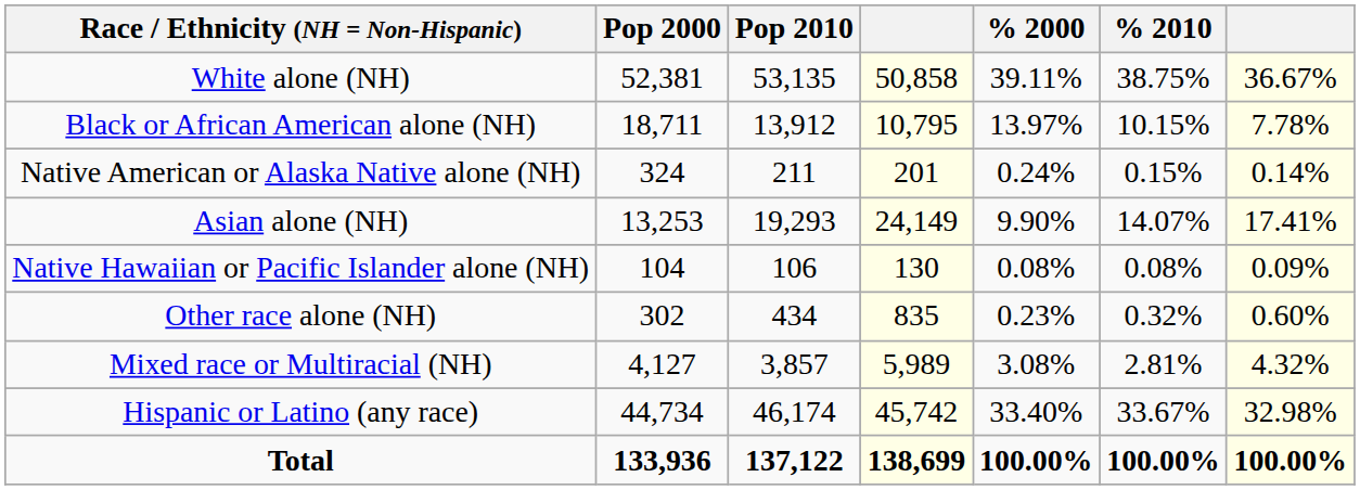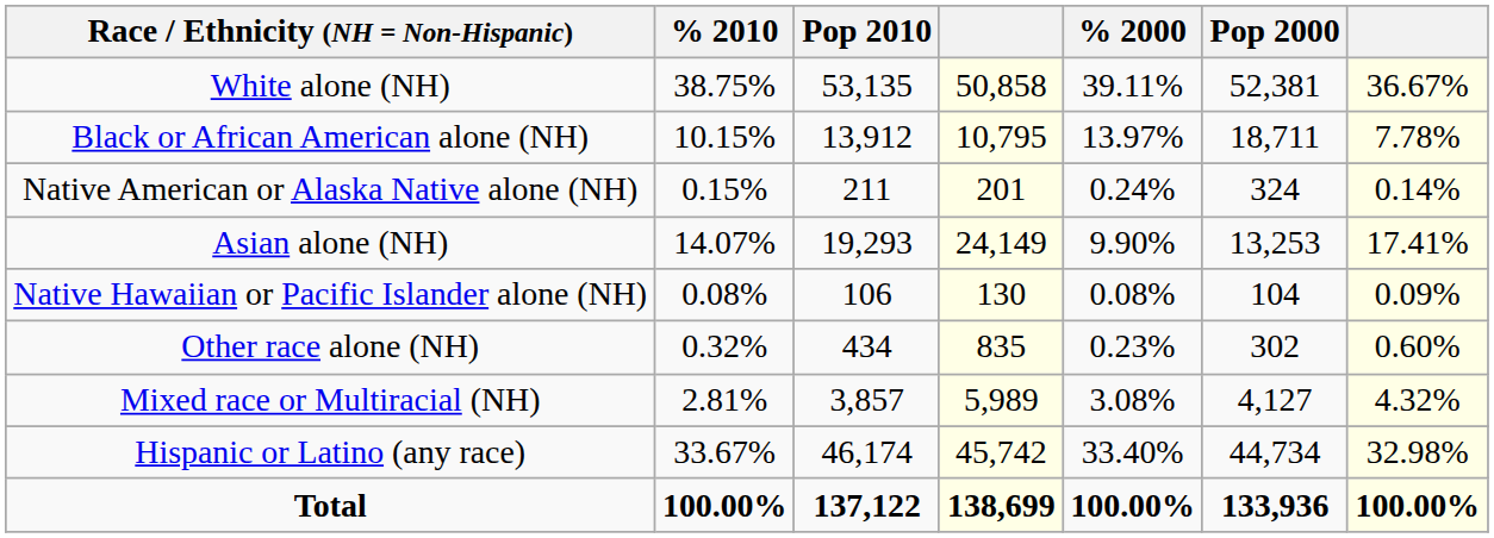 <table class="wikitable" style="text-align:center;">
 <tr>
 <th>Race / Ethnicity <small>(<em>NH = Non-Hispanic</em>)</small></th>
-<th>Pop 2000</th>
+<th>% 2010</th>
 <th>Pop 2010</th>
 <th></th>
 <th>% 2000</th>
-<th>% 2010</th>
+<th>Pop 2000</th>
 <th></th>
 </tr>
 <tr>
 <td><a href='#'>White</a> alone (NH)</td>
-<td>52,381</td>
+<td>38.75%</td>
 <td>53,135</td>
 <td style='background: #ffffe6;'>50,858</td>
 <td>39.11%</td>
-<td>38.75%</td>
+<td>52,381</td>
 <td style='background: #ffffe6;'>36.67%</td>
 </tr>
 <tr>
 <td><a href='#'>Black or African American</a> alone (NH)</td>
-<td>18,711</td>
+<td>10.15%</td>
 <td>13,912</td>
 <td style='background: #ffffe6;'>10,795</td>
 <td>13.97%</td>
-<td>10.15%</td>
+<td>18,711</td>
 <td style='background: #ffffe6;'>7.78%</td>
 </tr>
 <tr>
 <td>Native American or <a href='#'>Alaska Native</a> alone (NH)</td>
-<td>324</td>
+<td>0.15%</td>
 <td>211</td>
 <td style='background: #ffffe6;'>201</td>
 <td>0.24%</td>
-<td>0.15%</td>
+<td>324</td>
 <td style='background: #ffffe6;'>0.14%</td>
 </tr>
 <tr>
 <td><a href='#'>Asian</a> alone (NH)</td>
-<td>13,253</td>
+<td>14.07%</td>
 <td>19,293</td>
 <td style='background: #ffffe6;'>24,149</td>
 <td>9.90%</td>
-<td>14.07%</td>
+<td>13,253</td>
 <td style='background: #ffffe6;'>17.41%</td>
 </tr>
 <tr>
 <td><a href='#'>Native Hawaiian</a> or <a href='#'>Pacific Islander</a> alone (NH)</td>
-<td>104</td>
+<td>0.08%</td>
 <td>106</td>
 <td style='background: #ffffe6;'>130</td>
 <td>0.08%</td>
-<td>0.08%</td>
+<td>104</td>
 <td style='background: #ffffe6;'>0.09%</td>
 </tr>
 <tr>
 <td><a href='#'>Other race</a> alone (NH)</td>
-<td>302</td>
+<td>0.32%</td>
 <td>434</td>
 <td style='background: #ffffe6;'>835</td>
 <td>0.23%</td>
-<td>0.32%</td>
+<td>302</td>
 <td style='background: #ffffe6;'>0.60%</td>
 </tr>
 <tr>
 <td><a href='#'>Mixed race or Multiracial</a> (NH)</td>
-<td>4,127</td>
+<td>2.81%</td>
 <td>3,857</td>
 <td style='background: #ffffe6;'>5,989</td>
 <td>3.08%</td>
-<td>2.81%</td>
+<td>4,127</td>
 <td style='background: #ffffe6;'>4.32%</td>
 </tr>
 <tr>
 <td><a href='#'>Hispanic or Latino</a> (any race)</td>
-<td>44,734</td>
+<td>33.67%</td>
 <td>46,174</td>
 <td style='background: #ffffe6;'>45,742</td>
 <td>33.40%</td>
-<td>33.67%</td>
+<td>44,734</td>
 <td style='background: #ffffe6;'>32.98%</td>
 </tr>
 <tr>
 <td><strong>Total</strong></td>
-<td><strong>133,936</strong></td>
+<td><strong>100.00%</strong></td>
 <td><strong>137,122</strong></td>
 <td style='background: #ffffe6;'><strong>138,699</strong></td>
 <td><strong>100.00%</strong></td>
-<td><strong>100.00%</strong></td>
+<td><strong>133,936</strong></td>
 <td style='background: #ffffe6;'><strong>100.00%</strong></td>
 </tr>
 </table>
